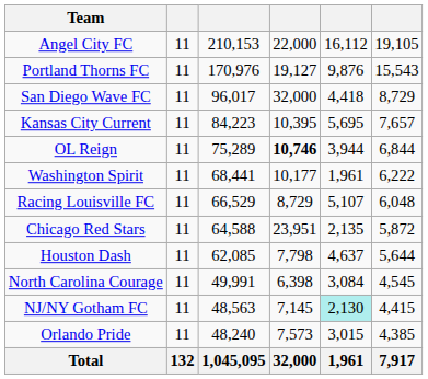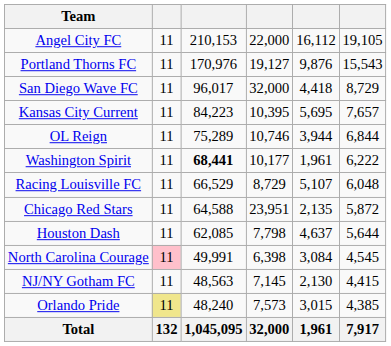 <table class="wikitable sortable" style="font-size: 95%;text-align: center;">
 <tr>
 <th>Team</th>
 <th></th>
 <th></th>
 <th></th>
 <th></th>
 <th></th>
 </tr>
 <tr>
 <td><a href='#'>Angel City FC</a></td>
 <td>11</td>
 <td>210,153</td>
 <td>22,000</td>
 <td>16,112</td>
 <td>19,105</td>
 </tr>
 <tr>
 <td><a href='#'>Portland Thorns FC</a></td>
 <td>11</td>
 <td>170,976</td>
 <td>19,127</td>
 <td>9,876</td>
 <td>15,543</td>
 </tr>
 <tr>
 <td><a href='#'>San Diego Wave FC</a></td>
 <td>11</td>
 <td>96,017</td>
 <td>32,000</td>
 <td>4,418</td>
 <td>8,729</td>
 </tr>
 <tr>
 <td><a href='#'>Kansas City Current</a></td>
 <td>11</td>
 <td>84,223</td>
 <td>10,395</td>
 <td>5,695</td>
 <td>7,657</td>
 </tr>
 <tr>
 <td><a href='#'>OL Reign</a></td>
 <td>11</td>
 <td>75,289</td>
-<td><strong>10,746</strong></td>
+<td>10,746</td>
 <td>3,944</td>
 <td>6,844</td>
 </tr>
 <tr>
 <td><a href='#'>Washington Spirit</a></td>
 <td>11</td>
-<td>68,441</td>
+<td><strong>68,441</strong></td>
 <td>10,177</td>
 <td>1,961</td>
 <td>6,222</td>
 </tr>
 <tr>
 <td><a href='#'>Racing Louisville FC</a></td>
 <td>11</td>
 <td>66,529</td>
 <td>8,729</td>
 <td>5,107</td>
 <td>6,048</td>
 </tr>
 <tr>
 <td><a href='#'>Chicago Red Stars</a></td>
 <td>11</td>
 <td>64,588</td>
 <td>23,951</td>
 <td>2,135</td>
 <td>5,872</td>
 </tr>
 <tr>
 <td><a href='#'>Houston Dash</a></td>
 <td>11</td>
 <td>62,085</td>
 <td>7,798</td>
 <td>4,637</td>
 <td>5,644</td>
 </tr>
 <tr>
 <td><a href='#'>North Carolina Courage</a></td>
-<td>11</td>
+<td style="background: pink;">11</td>
 <td>49,991</td>
 <td>6,398</td>
 <td>3,084</td>
 <td>4,545</td>
 </tr>
 <tr>
 <td><a href='#'>NJ/NY Gotham FC</a></td>
 <td>11</td>
 <td>48,563</td>
 <td>7,145</td>
-<td style="background: paleturquoise;">2,130</td>
+<td>2,130</td>
 <td>4,415</td>
 </tr>
 <tr>
 <td><a href='#'>Orlando Pride</a></td>
-<td>11</td>
+<td style="background: khaki;">11</td>
 <td>48,240</td>
 <td>7,573</td>
 <td>3,015</td>
 <td>4,385</td>
 </tr>
 <tr>
 <th>Total</th>
 <th>132</th>
 <th>1,045,095</th>
 <th>32,000</th>
 <th>1,961</th>
 <th>7,917</th>
 </tr>
 </table>
